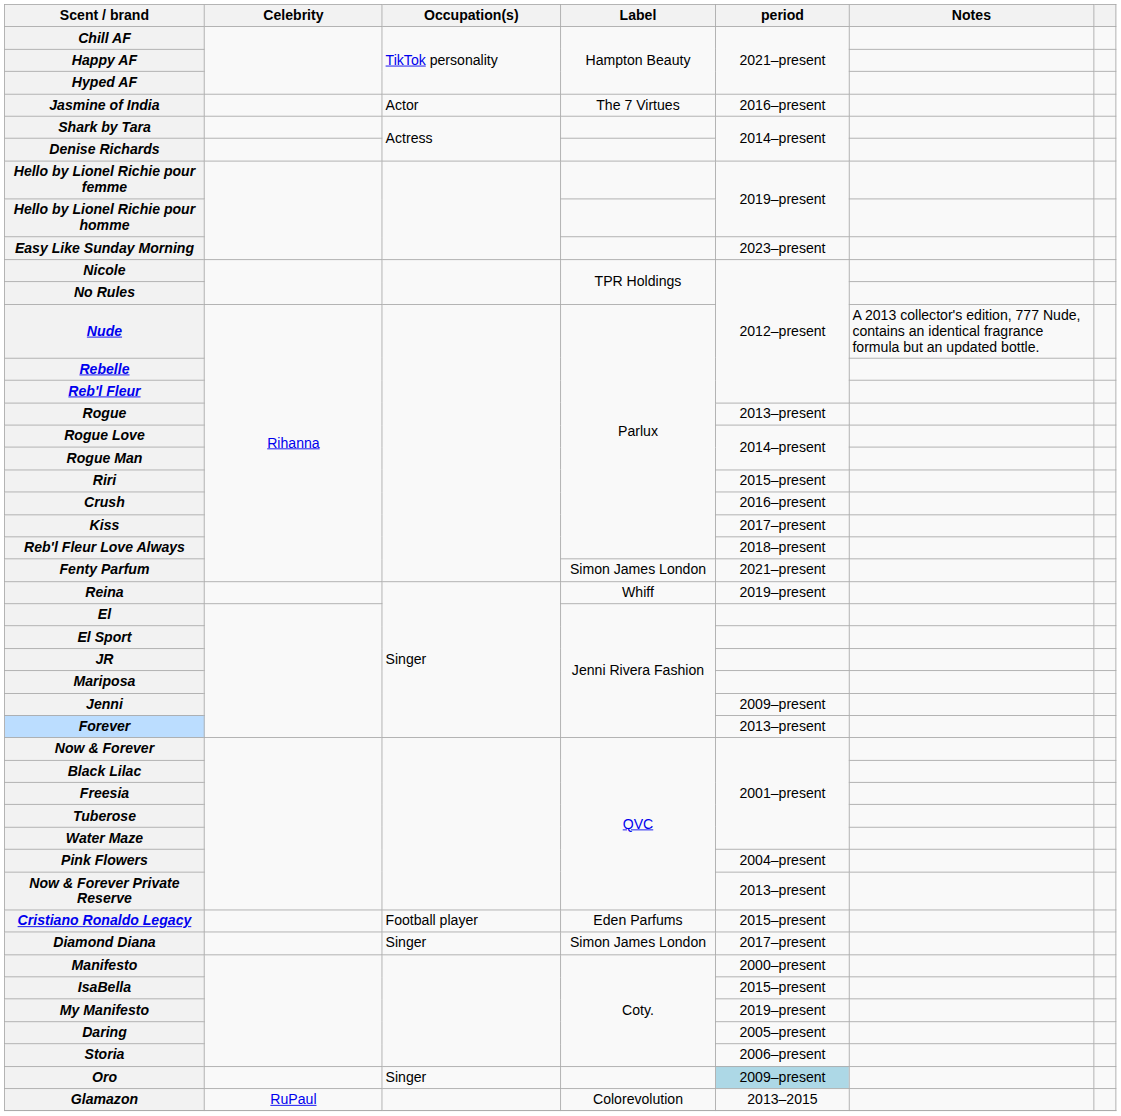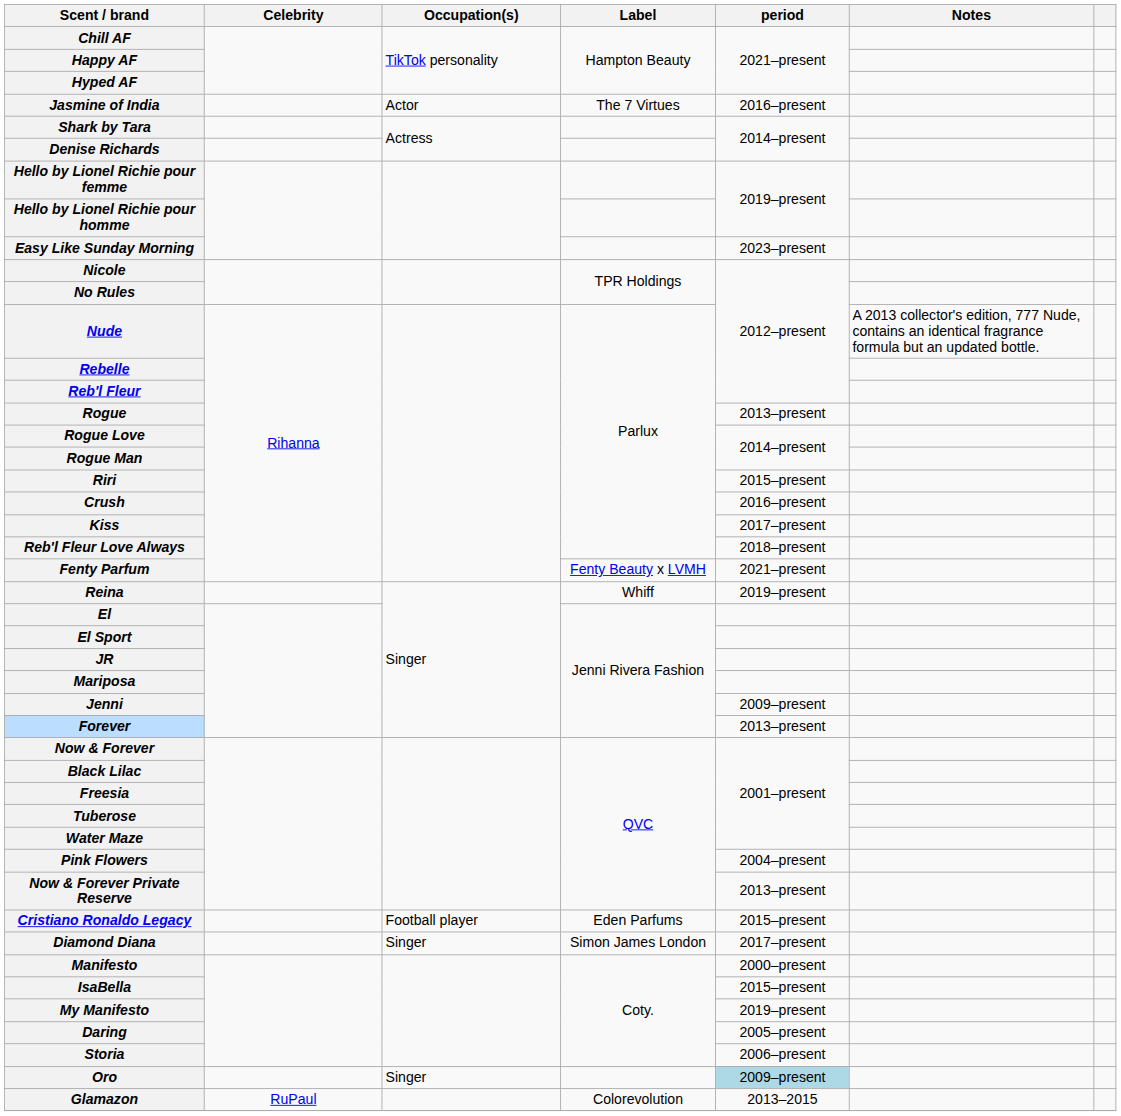 <table class="wikitable sortable plainrowheaders" font-size:95%; style="text-align:center;" width="100%;">
 <tr>
 <th scope="col" width="18%">Scent / brand</th>
 <th scope="col" width:"16%">Celebrity</th>
 <th scope="col" width="16%">Occupation(s)</th>
 <th scope="col" width="14%">Label</th>
 <th scope="col" width="12%"> period</th>
 <th scope="col" width="22%;" class="unsortable">Notes</th>
 <th scope="col" width="2%;" class="unsortable"></th>
 </tr>
 <tr>
 <th scope="row"><em>Chill AF</em></th>
 <td rowspan="3"></td>
 <td rowspan="3" style="text-align:left;"><a href='#'>TikTok</a> personality</td>
 <td rowspan="3">Hampton Beauty</td>
 <td rowspan="3">2021–present</td>
 <td style="text-align:left;"></td>
 <td></td>
 </tr>
 <tr>
 <th scope="row"><em>Happy AF</em></th>
 <td style="text-align:left;"></td>
 <td></td>
 </tr>
 <tr>
 <th scope="row"><em>Hyped AF</em></th>
 <td style="text-align:left;"></td>
 <td></td>
 </tr>
 <tr>
 <th scope="row"><em>Jasmine of India</em></th>
 <td></td>
 <td style="text-align:left;">Actor</td>
 <td>The 7 Virtues</td>
 <td>2016–present</td>
 <td style="text-align:left;"></td>
 <td></td>
 </tr>
 <tr>
 <th scope="row"><em>Shark by Tara</em></th>
 <td></td>
 <td rowspan="2" style="text-align:left;">Actress</td>
 <td></td>
 <td rowspan="2">2014–present</td>
 <td style="text-align:left;"></td>
 <td></td>
 </tr>
 <tr>
 <th scope="row"><em>Denise Richards</em></th>
 <td></td>
 <td></td>
 <td style="text-align:left;"></td>
 <td></td>
 </tr>
 <tr>
 <th scope="row"><em>Hello by Lionel Richie pour femme</em></th>
 <td rowspan="3"></td>
 <td rowspan="3"></td>
 <td></td>
 <td rowspan="2">2019–present</td>
 <td style="text-align:left;"></td>
 <td></td>
 </tr>
 <tr>
 <th scope="row"><em>Hello by Lionel Richie pour homme</em></th>
 <td></td>
 <td style="text-align:left;"></td>
 <td></td>
 </tr>
 <tr>
 <th scope="row"><em>Easy Like Sunday Morning</em></th>
 <td></td>
 <td rowspan="1">2023–present</td>
 <td style="text-align:left;"></td>
 <td></td>
 </tr>
 <tr>
 <th scope="row"><em>Nicole</em></th>
 <td rowspan="2"></td>
 <td rowspan="2"></td>
 <td rowspan="2">TPR Holdings</td>
 <td rowspan="5">2012–present</td>
 <td style="text-align:left;"></td>
 <td></td>
 </tr>
 <tr>
 <th scope="row"><em>No Rules</em></th>
 <td style="text-align:left;"></td>
 <td></td>
 </tr>
 <tr>
 <th scope="row"><em><a href='#'>Nude</a></em></th>
 <td rowspan="11"><a href='#'>Rihanna</a></td>
 <td rowspan="11"></td>
 <td rowspan="10">Parlux</td>
 <td style="text-align:left;">A 2013 collector's edition, 777 Nude, contains an identical fragrance formula but an updated bottle.</td>
 <td></td>
 </tr>
 <tr>
 <th scope="row"><em><a href='#'>Rebelle</a></em></th>
 <td style="text-align:left;"></td>
 <td></td>
 </tr>
 <tr>
 <th scope="row"><em><a href='#'>Reb'l Fleur</a></em></th>
 <td style="text-align:left;"></td>
 <td></td>
 </tr>
 <tr>
 <th scope="row"><em>Rogue</em></th>
 <td>2013–present</td>
 <td style="text-align:left;"></td>
 <td></td>
 </tr>
 <tr>
 <th scope="row"><em>Rogue Love</em></th>
 <td rowspan="2">2014–present</td>
 <td style="text-align:left;"></td>
 <td></td>
 </tr>
 <tr>
 <th scope="row"><em>Rogue Man</em></th>
 <td style="text-align:left;"></td>
 <td></td>
 </tr>
 <tr>
 <th scope="row"><em>Riri</em></th>
 <td>2015–present</td>
 <td style="text-align:left;"></td>
 <td></td>
 </tr>
 <tr>
 <th scope="row"><em>Crush</em></th>
 <td>2016–present</td>
 <td style="text-align:left;"></td>
 <td></td>
 </tr>
 <tr>
 <th scope="row"><em>Kiss</em></th>
 <td>2017–present</td>
 <td style="text-align:left;"></td>
 <td></td>
 </tr>
 <tr>
 <th scope="row"><em>Reb'l Fleur Love Always</em></th>
 <td>2018–present</td>
 <td style="text-align:left;"></td>
 <td></td>
 </tr>
 <tr>
 <th scope="row"><em>Fenty Parfum</em></th>
-<td>Simon James London</td>
+<td><a href='#'>Fenty Beauty</a> x <a href='#'>LVMH</a></td>
 <td>2021–present</td>
 <td style="text-align:left;"></td>
 <td></td>
 </tr>
 <tr>
 <th scope="row"><em>Reina</em></th>
 <td></td>
 <td rowspan="7" style="text-align:left;">Singer</td>
 <td>Whiff</td>
 <td>2019–present</td>
 <td style="text-align:left;"></td>
 <td></td>
 </tr>
 <tr>
 <th scope="row"><em>El</em></th>
 <td rowspan="6"></td>
 <td rowspan="6">Jenni Rivera Fashion</td>
 <td></td>
 <td style="text-align:left;"></td>
 <td></td>
 </tr>
 <tr>
 <th scope="row"><em>El Sport</em></th>
 <td></td>
 <td style="text-align:left;"></td>
 <td></td>
 </tr>
 <tr>
 <th scope="row"><em>JR</em></th>
 <td></td>
 <td style="text-align:left;"></td>
 <td></td>
 </tr>
 <tr>
 <th scope="row"><em>Mariposa</em></th>
 <td></td>
 <td style="text-align:left;"></td>
 <td></td>
 </tr>
 <tr>
 <th scope="row"><em>Jenni</em></th>
 <td>2009–present</td>
 <td style="text-align:left;"></td>
 <td></td>
 </tr>
 <tr>
 <th style="background:#bdf;" scope="row"><em>Forever</em></th>
 <td>2013–present</td>
 <td></td>
 <td></td>
 </tr>
 <tr>
 <th scope="row"><em>Now & Forever</em></th>
 <td rowspan="7"></td>
 <td rowspan="7"></td>
 <td rowspan="7"><a href='#'>QVC</a></td>
 <td rowspan="5">2001–present</td>
 <td style="text-align:left;"></td>
 <td></td>
 </tr>
 <tr>
 <th scope="row"><em>Black Lilac</em></th>
 <td style="text-align:left;"></td>
 <td></td>
 </tr>
 <tr>
 <th scope="row"><em>Freesia</em></th>
 <td style="text-align:left;"></td>
 <td></td>
 </tr>
 <tr>
 <th scope="row"><em>Tuberose</em></th>
 <td style="text-align:left;"></td>
 <td></td>
 </tr>
 <tr>
 <th scope="row"><em>Water Maze</em></th>
 <td style="text-align:left;"></td>
 <td></td>
 </tr>
 <tr>
 <th scope="row"><em>Pink Flowers</em></th>
 <td>2004–present</td>
 <td style="text-align:left;"></td>
 <td></td>
 </tr>
 <tr>
 <th scope="row"><em>Now & Forever Private Reserve</em></th>
 <td>2013–present</td>
 <td style="text-align:left;"></td>
 <td></td>
 </tr>
 <tr>
 <th scope="row"><em><a href='#'>Cristiano Ronaldo Legacy</a></em></th>
 <td></td>
 <td style="text-align:left;">Football player</td>
 <td>Eden Parfums</td>
 <td>2015–present</td>
 <td style="text-align:left;"></td>
 <td></td>
 </tr>
 <tr>
 <th scope="row"><em>Diamond Diana</em></th>
 <td></td>
 <td style="text-align:left;">Singer</td>
 <td>Simon James London</td>
 <td>2017–present</td>
 <td style="text-align:left;"></td>
 <td></td>
 </tr>
 <tr>
 <th scope="row"><em>Manifesto</em></th>
 <td rowspan="5"></td>
 <td rowspan="5"></td>
 <td rowspan="5">Coty.</td>
 <td>2000–present</td>
 <td style="text-align:left;"></td>
 <td></td>
 </tr>
 <tr>
 <th scope="row"><em>IsaBella</em></th>
 <td>2015–present</td>
 <td style="text-align:left;"></td>
 <td></td>
 </tr>
 <tr>
 <th scope="row"><em>My Manifesto</em></th>
 <td>2019–present</td>
 <td style="text-align:left;"></td>
 <td></td>
 </tr>
 <tr>
 <th scope="row"><em>Daring</em></th>
 <td>2005–present</td>
 <td style="text-align:left;"></td>
 <td></td>
 </tr>
 <tr>
 <th scope="row"><em>Storia</em></th>
 <td>2006–present</td>
 <td style="text-align:left;"></td>
 <td></td>
 </tr>
 <tr>
 <th scope="row"><em>Oro</em></th>
 <td></td>
 <td style="text-align:left;">Singer</td>
 <td></td>
 <td style="background: lightblue;">2009–present</td>
 <td style="text-align:left;"></td>
 <td></td>
 </tr>
 <tr>
 <th scope="row"><em>Glamazon</em></th>
 <td><a href='#'>RuPaul</a></td>
 <td></td>
 <td>Colorevolution</td>
 <td>2013–2015</td>
 <td style="text-align:left;"></td>
 <td></td>
 </tr>
 <tr>
 </tr>
 </table>
